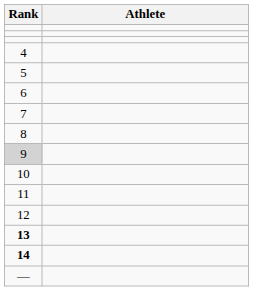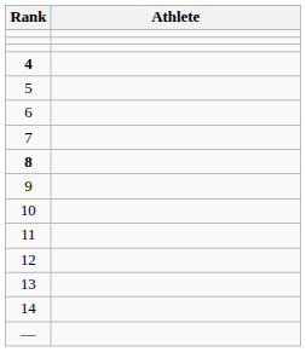 <table class="wikitable" style="text-align: center;">
 <tr>
 <th width=40>Rank</th>
 <th width=250>Athlete</th>
 </tr>
 <tr>
 <td></td>
 <td align=left></td>
 </tr>
 <tr>
 <td></td>
 <td align=left></td>
 </tr>
 <tr>
 <td></td>
 <td align=left></td>
 </tr>
 <tr>
-<td>4</td>
+<td><strong>4</strong></td>
 <td align=left></td>
 </tr>
 <tr>
 <td>5</td>
 <td align=left></td>
 </tr>
 <tr>
 <td>6</td>
 <td align=left></td>
 </tr>
 <tr>
 <td>7</td>
 <td align=left></td>
 </tr>
 <tr>
-<td>8</td>
+<td><strong>8</strong></td>
 <td align=left></td>
 </tr>
 <tr>
-<td style="background: lightgrey;">9</td>
+<td>9</td>
 <td align=left></td>
 </tr>
 <tr>
 <td>10</td>
 <td align=left></td>
 </tr>
 <tr>
 <td>11</td>
 <td align=left></td>
 </tr>
 <tr>
 <td>12</td>
 <td align=left></td>
 </tr>
 <tr>
-<td><strong>13</strong></td>
+<td>13</td>
 <td align=left></td>
 </tr>
 <tr>
-<td><strong>14</strong></td>
+<td>14</td>
 <td align=left></td>
 </tr>
 <tr>
 <td>—</td>
 <td align=left></td>
 </tr>
 </table>
